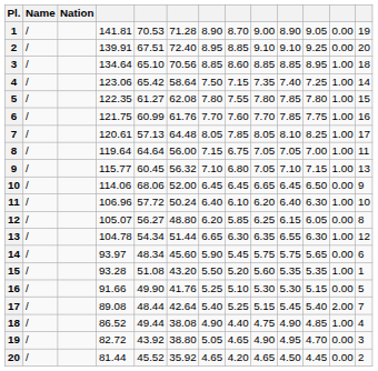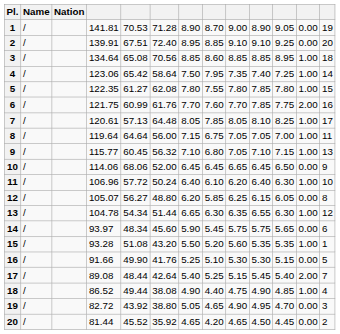 <table class="wikitable sortable">
 <tr>
 <th>Pl.</th>
 <th>Name</th>
 <th>Nation</th>
 <th></th>
 <th></th>
 <th></th>
 <th></th>
 <th></th>
 <th></th>
 <th></th>
 <th></th>
 <th></th>
 <th></th>
 </tr>
 <tr>
 <th>1</th>
 <td> / </td>
 <td></td>
 <td>141.81</td>
 <td>70.53</td>
 <td>71.28</td>
 <td>8.90</td>
 <td>8.70</td>
 <td>9.00</td>
 <td>8.90</td>
 <td>9.05</td>
 <td>0.00</td>
 <td>19</td>
 </tr>
 <tr>
 <th>2</th>
 <td> / </td>
 <td></td>
 <td>139.91</td>
 <td>67.51</td>
 <td>72.40</td>
 <td>8.95</td>
 <td>8.85</td>
 <td>9.10</td>
 <td>9.10</td>
 <td>9.25</td>
 <td>0.00</td>
 <td>20</td>
 </tr>
 <tr>
 <th>3</th>
 <td> / </td>
 <td></td>
 <td>134.64</td>
-<td>65.10</td>
+<td>65.08</td>
 <td>70.56</td>
 <td>8.85</td>
 <td>8.60</td>
 <td>8.85</td>
 <td>8.85</td>
 <td>8.95</td>
 <td>1.00</td>
 <td>18</td>
 </tr>
 <tr>
 <th>4</th>
 <td> / </td>
 <td></td>
 <td>123.06</td>
 <td>65.42</td>
 <td>58.64</td>
 <td>7.50</td>
-<td>7.15</td>
+<td>7.95</td>
 <td>7.35</td>
 <td>7.40</td>
 <td>7.25</td>
 <td>1.00</td>
 <td>14</td>
 </tr>
 <tr>
 <th>5</th>
 <td> / </td>
 <td></td>
 <td>122.35</td>
 <td>61.27</td>
 <td>62.08</td>
 <td>7.80</td>
 <td>7.55</td>
 <td>7.80</td>
 <td>7.85</td>
 <td>7.80</td>
 <td>1.00</td>
 <td>15</td>
 </tr>
 <tr>
 <th>6</th>
 <td> / </td>
 <td></td>
 <td>121.75</td>
 <td>60.99</td>
 <td>61.76</td>
 <td>7.70</td>
 <td>7.60</td>
 <td>7.70</td>
 <td>7.85</td>
 <td>7.75</td>
-<td>1.00</td>
+<td>2.00</td>
 <td>16</td>
 </tr>
 <tr>
 <th>7</th>
 <td> / </td>
 <td></td>
 <td>120.61</td>
 <td>57.13</td>
 <td>64.48</td>
 <td>8.05</td>
 <td>7.85</td>
 <td>8.05</td>
 <td>8.10</td>
 <td>8.25</td>
 <td>1.00</td>
 <td>17</td>
 </tr>
 <tr>
 <th>8</th>
 <td> / </td>
 <td></td>
 <td>119.64</td>
 <td>64.64</td>
 <td>56.00</td>
 <td>7.15</td>
 <td>6.75</td>
 <td>7.05</td>
 <td>7.05</td>
 <td>7.00</td>
 <td>1.00</td>
 <td>11</td>
 </tr>
 <tr>
 <th>9</th>
 <td> / </td>
 <td></td>
 <td>115.77</td>
 <td>60.45</td>
 <td>56.32</td>
 <td>7.10</td>
 <td>6.80</td>
 <td>7.05</td>
 <td>7.10</td>
 <td>7.15</td>
 <td>1.00</td>
 <td>13</td>
 </tr>
 <tr>
 <th>10</th>
 <td> / </td>
 <td></td>
 <td>114.06</td>
 <td>68.06</td>
 <td>52.00</td>
 <td>6.45</td>
 <td>6.45</td>
 <td>6.65</td>
 <td>6.45</td>
 <td>6.50</td>
 <td>0.00</td>
 <td>9</td>
 </tr>
 <tr>
 <th>11</th>
 <td> / </td>
 <td></td>
 <td>106.96</td>
 <td>57.72</td>
 <td>50.24</td>
 <td>6.40</td>
 <td>6.10</td>
 <td>6.20</td>
 <td>6.40</td>
 <td>6.30</td>
 <td>1.00</td>
 <td>10</td>
 </tr>
 <tr>
 <th>12</th>
 <td> / </td>
 <td></td>
 <td>105.07</td>
 <td>56.27</td>
 <td>48.80</td>
 <td>6.20</td>
 <td>5.85</td>
 <td>6.25</td>
 <td>6.15</td>
 <td>6.05</td>
 <td>0.00</td>
 <td>8</td>
 </tr>
 <tr>
 <th>13</th>
 <td> / </td>
 <td></td>
 <td>104.78</td>
 <td>54.34</td>
 <td>51.44</td>
 <td>6.65</td>
 <td>6.30</td>
 <td>6.35</td>
 <td>6.55</td>
 <td>6.30</td>
 <td>1.00</td>
 <td>12</td>
 </tr>
 <tr>
 <th>14</th>
 <td> / </td>
 <td></td>
 <td>93.97</td>
 <td>48.34</td>
 <td>45.60</td>
 <td>5.90</td>
 <td>5.45</td>
 <td>5.75</td>
 <td>5.75</td>
 <td>5.65</td>
 <td>0.00</td>
 <td>6</td>
 </tr>
 <tr>
 <th>15</th>
 <td> / </td>
 <td></td>
 <td>93.28</td>
 <td>51.08</td>
 <td>43.20</td>
 <td>5.50</td>
 <td>5.20</td>
 <td>5.60</td>
 <td>5.35</td>
 <td>5.35</td>
 <td>1.00</td>
 <td>1</td>
 </tr>
 <tr>
 <th>16</th>
 <td> / </td>
 <td></td>
 <td>91.66</td>
 <td>49.90</td>
 <td>41.76</td>
 <td>5.25</td>
 <td>5.10</td>
 <td>5.30</td>
 <td>5.30</td>
 <td>5.15</td>
 <td>0.00</td>
 <td>5</td>
 </tr>
 <tr>
 <th>17</th>
 <td> / </td>
 <td></td>
 <td>89.08</td>
 <td>48.44</td>
 <td>42.64</td>
 <td>5.40</td>
 <td>5.25</td>
 <td>5.15</td>
 <td>5.45</td>
 <td>5.40</td>
 <td>2.00</td>
 <td>7</td>
 </tr>
 <tr>
 <th>18</th>
 <td> / </td>
 <td></td>
 <td>86.52</td>
 <td>49.44</td>
 <td>38.08</td>
 <td>4.90</td>
 <td>4.40</td>
 <td>4.75</td>
 <td>4.90</td>
 <td>4.85</td>
 <td>1.00</td>
 <td>4</td>
 </tr>
 <tr>
 <th>19</th>
 <td> / </td>
 <td></td>
 <td>82.72</td>
 <td>43.92</td>
 <td>38.80</td>
 <td>5.05</td>
 <td>4.65</td>
 <td>4.90</td>
 <td>4.95</td>
 <td>4.70</td>
 <td>0.00</td>
 <td>3</td>
 </tr>
 <tr>
 <th>20</th>
 <td> / </td>
 <td></td>
 <td>81.44</td>
 <td>45.52</td>
 <td>35.92</td>
 <td>4.65</td>
 <td>4.20</td>
 <td>4.65</td>
 <td>4.50</td>
 <td>4.45</td>
 <td>0.00</td>
 <td>2</td>
 </tr>
 </table>
